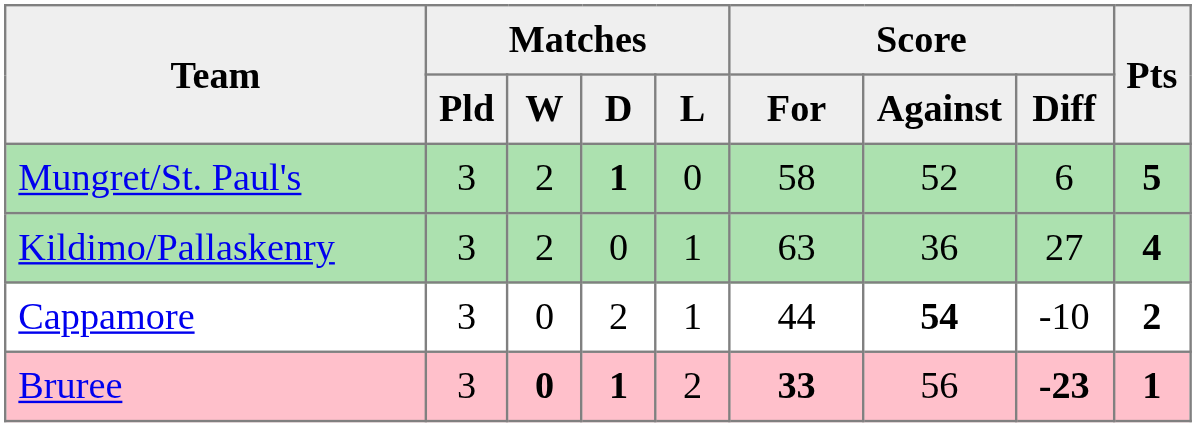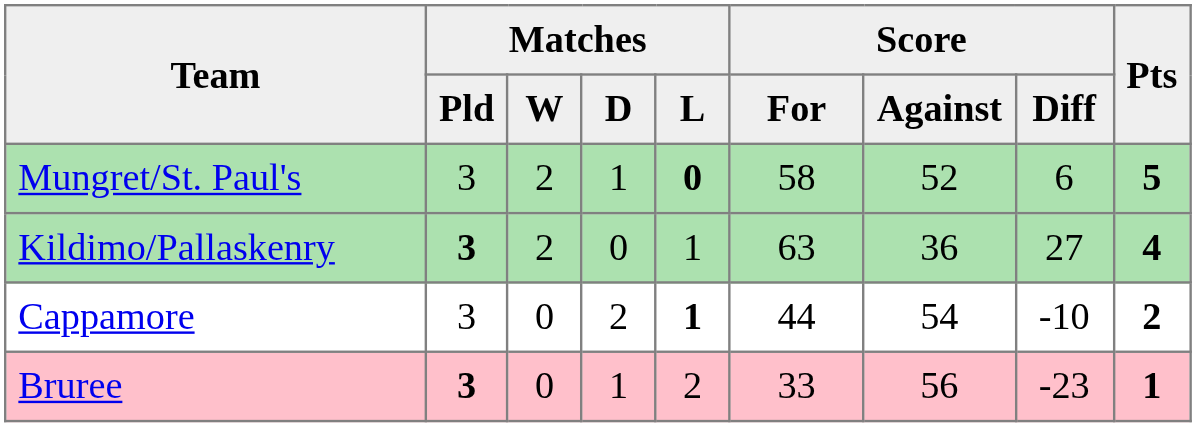 <table style=border-collapse:collapse border=1 cellspacing=0 cellpadding=5>
 <tr align=center bgcolor=#efefef>
 <th rowspan=2 width=165>Team</th>
 <th colspan=4>Matches</th>
 <th colspan=3>Score</th>
 <th rowspan=2width=20>Pts</th>
 </tr>
 <tr align=center bgcolor=#efefef>
 <th width=20>Pld</th>
 <th width=20>W</th>
 <th width=20>D</th>
 <th width=20>L</th>
 <th width=45>For</th>
 <th width=45>Against</th>
 <th width=30>Diff</th>
 </tr>
 <tr align=center  style="background:#ACE1AF;">
 <td style="text-align:left;"><a href='#'>Mungret/St. Paul's</a></td>
 <td>3</td>
 <td>2</td>
-<td><strong>1</strong></td>
-<td>0</td>
+<td>1</td>
+<td><strong>0</strong></td>
 <td>58</td>
 <td>52</td>
 <td>6</td>
 <td><strong>5</strong></td>
 </tr>
 <tr align=center  style="background:#ACE1AF;">
 <td style="text-align:left;"><a href='#'>Kildimo/Pallaskenry</a></td>
-<td>3</td>
+<td><strong>3</strong></td>
 <td>2</td>
 <td>0</td>
 <td>1</td>
 <td>63</td>
 <td>36</td>
 <td>27</td>
 <td><strong>4</strong></td>
 </tr>
 <tr align=center>
 <td style="text-align:left;"><a href='#'>Cappamore</a></td>
 <td>3</td>
 <td>0</td>
 <td>2</td>
-<td>1</td>
+<td><strong>1</strong></td>
 <td>44</td>
-<td><strong>54</strong></td>
+<td>54</td>
 <td>-10</td>
 <td><strong>2</strong></td>
 </tr>
 <tr align=center style="background:#FFC0CB;">
 <td style="text-align:left;"><a href='#'>Bruree</a></td>
-<td>3</td>
-<td><strong>0</strong></td>
-<td><strong>1</strong></td>
+<td><strong>3</strong></td>
+<td>0</td>
+<td>1</td>
 <td>2</td>
-<td><strong>33</strong></td>
+<td>33</td>
 <td>56</td>
-<td><strong>-23</strong></td>
+<td>-23</td>
 <td><strong>1</strong></td>
 </tr>
 </table>
